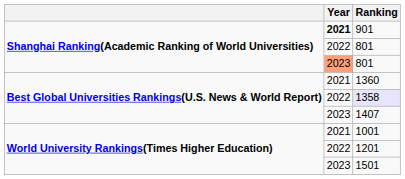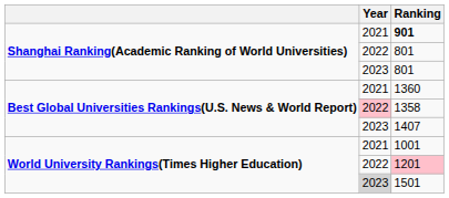 <table class="wikitable">
 <tr>
 <th></th>
 <th>Year</th>
 <th>Ranking</th>
 </tr>
 <tr>
 <td rowspan="3"><strong><a href='#'>Shanghai Ranking</a>(Academic Ranking of World Universities)</strong></td>
-<td><strong>2021</strong></td>
-<td>901</td>
+<td>2021</td>
+<td><strong>901</strong></td>
 </tr>
 <tr>
 <td>2022</td>
 <td>801</td>
 </tr>
 <tr>
-<td style="background: lightsalmon;">2023</td>
+<td>2023</td>
 <td>801</td>
 </tr>
 <tr>
 <td rowspan="3"><strong><a href='#'>Best Global Universities Rankings</a>(U.S. News & World Report)</strong></td>
 <td>2021</td>
 <td>1360</td>
 </tr>
 <tr>
-<td>2022</td>
-<td style="background: lavender;">1358</td>
+<td style="background: pink;">2022</td>
+<td>1358</td>
 </tr>
 <tr>
 <td>2023</td>
 <td>1407</td>
 </tr>
 <tr>
 <td rowspan="3"><strong><a href='#'>World University Rankings</a>(Times Higher Education)</strong></td>
 <td>2021</td>
 <td>1001</td>
 </tr>
 <tr>
 <td>2022</td>
-<td>1201</td>
+<td style="background: pink;">1201</td>
 </tr>
 <tr>
-<td>2023</td>
+<td style="background: lightgrey;">2023</td>
 <td>1501</td>
 </tr>
 </table>
